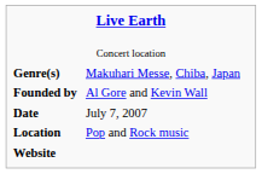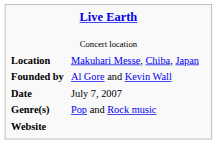 <table class="infobox" style="width: 20em; float:right; clear:right; font-size:90%" cellspacing="4">
 <tr style="vertical-align: top;">
 <th colspan="2" style="text-align: center;"><big><strong><a href='#'>Live Earth</a></strong></big></th>
 </tr>
 <tr style="vertical-align: top;">
 <td colspan="2" style="text-align: center;"></td>
 </tr>
 <tr style="vertical-align: top;">
 <td colspan="2" style="text-align: center;"></td>
 </tr>
 <tr style="vertical-align: top;">
 <td colspan="2" style="text-align: center;"><small>Concert location</small></td>
 </tr>
 <tr style="vertical-align: top;">
-<td><strong>Genre(s)</strong></td>
+<td><strong>Location</strong></td>
 <td><a href='#'>Makuhari Messe</a>, <a href='#'>Chiba</a>, <a href='#'>Japan</a></td>
 </tr>
 <tr style="vertical-align: top;">
 <td><strong>Founded by</strong></td>
 <td><a href='#'>Al Gore</a> and <a href='#'>Kevin Wall</a></td>
 </tr>
 <tr style="vertical-align: top;">
 <td><strong>Date</strong></td>
 <td>July 7, 2007</td>
 </tr>
 <tr style="vertical-align: top;">
-<td><strong>Location</strong></td>
+<td><strong>Genre(s)</strong></td>
 <td><a href='#'>Pop</a> and <a href='#'>Rock music</a></td>
 </tr>
 <tr style="vertical-align: top;">
 <td><strong>Website</strong></td>
 <td></td>
 </tr>
 </table>
